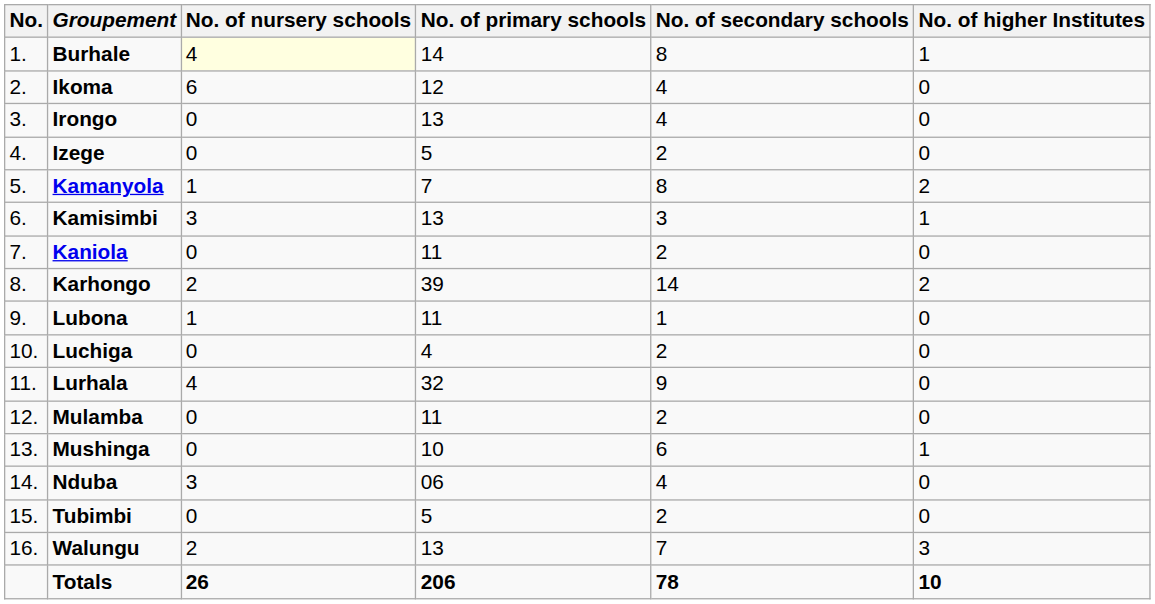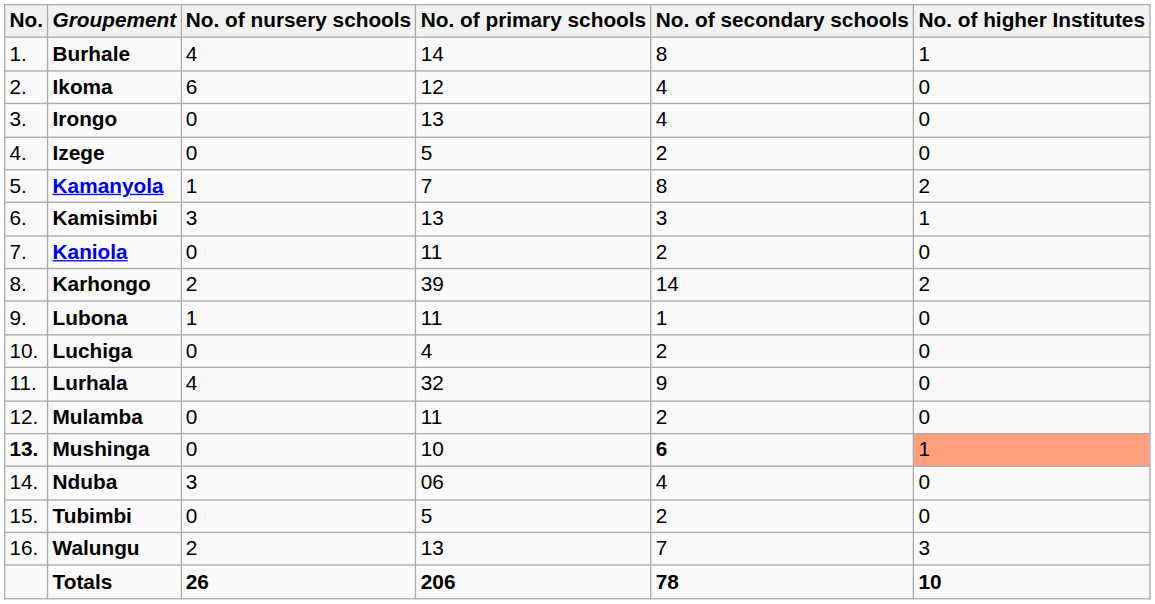 <table class="wikitable">
 <tr>
 <th>No.</th>
 <th><em>Groupement</em></th>
 <th>No. of nursery schools</th>
 <th>No. of primary schools</th>
 <th>No. of secondary schools</th>
 <th>No. of higher Institutes</th>
 </tr>
 <tr>
 <td>1.</td>
 <td><strong>Burhale</strong></td>
-<td style="background: lightyellow;">4</td>
+<td>4</td>
 <td>14</td>
 <td>8</td>
 <td>1</td>
 </tr>
 <tr>
 <td>2.</td>
 <td><strong>Ikoma</strong></td>
 <td>6</td>
 <td>12</td>
 <td>4</td>
 <td>0</td>
 </tr>
 <tr>
 <td>3.</td>
 <td><strong>Irongo</strong></td>
 <td>0</td>
 <td>13</td>
 <td>4</td>
 <td>0</td>
 </tr>
 <tr>
 <td>4.</td>
 <td><strong>Izege</strong></td>
 <td>0</td>
 <td>5</td>
 <td>2</td>
 <td>0</td>
 </tr>
 <tr>
 <td>5.</td>
 <td><strong><a href='#'>Kamanyola</a></strong></td>
 <td>1</td>
 <td>7</td>
 <td>8</td>
 <td>2</td>
 </tr>
 <tr>
 <td>6.</td>
 <td><strong>Kamisimbi</strong></td>
 <td>3</td>
 <td>13</td>
 <td>3</td>
 <td>1</td>
 </tr>
 <tr>
 <td>7.</td>
 <td><strong><a href='#'>Kaniola</a></strong></td>
 <td>0</td>
 <td>11</td>
 <td>2</td>
 <td>0</td>
 </tr>
 <tr>
 <td>8.</td>
 <td><strong>Karhongo</strong></td>
 <td>2</td>
 <td>39</td>
 <td>14</td>
 <td>2</td>
 </tr>
 <tr>
 <td>9.</td>
 <td><strong>Lubona</strong></td>
 <td>1</td>
 <td>11</td>
 <td>1</td>
 <td>0</td>
 </tr>
 <tr>
 <td>10.</td>
 <td><strong>Luchiga</strong></td>
 <td>0</td>
 <td>4</td>
 <td>2</td>
 <td>0</td>
 </tr>
 <tr>
 <td>11.</td>
 <td><strong>Lurhala</strong></td>
 <td>4</td>
 <td>32</td>
 <td>9</td>
 <td>0</td>
 </tr>
 <tr>
 <td>12.</td>
 <td><strong>Mulamba</strong></td>
 <td>0</td>
 <td>11</td>
 <td>2</td>
 <td>0</td>
 </tr>
 <tr>
-<td>13.</td>
+<td><strong>13.</strong></td>
 <td><strong>Mushinga</strong></td>
 <td>0</td>
 <td>10</td>
-<td>6</td>
-<td>1</td>
+<td><strong>6</strong></td>
+<td style="background: lightsalmon;">1</td>
 </tr>
 <tr>
 <td>14.</td>
 <td><strong>Nduba</strong></td>
 <td>3</td>
 <td>06</td>
 <td>4</td>
 <td>0</td>
 </tr>
 <tr>
 <td>15.</td>
 <td><strong>Tubimbi</strong></td>
 <td>0</td>
 <td>5</td>
 <td>2</td>
 <td>0</td>
 </tr>
 <tr>
 <td>16.</td>
 <td><strong>Walungu</strong></td>
 <td>2</td>
 <td>13</td>
 <td>7</td>
 <td>3</td>
 </tr>
 <tr>
 <td rowspan="2"></td>
 <td rowspan="2"><strong>Totals</strong></td>
 <td rowspan="2"><strong>26</strong></td>
 <td rowspan="2"><strong>206</strong></td>
 <td rowspan="2"><strong>78</strong></td>
 <td rowspan="2"><strong>10</strong></td>
 </tr>
 </table>
